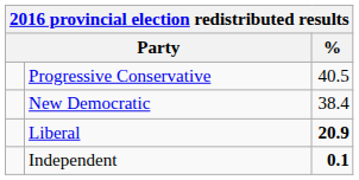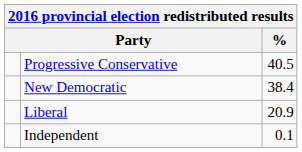 <table class="wikitable">
 <tr>
 <th colspan="4"><a href='#'>2016 provincial election</a> redistributed results</th>
 </tr>
 <tr>
 <th bgcolor="#DDDDFF" width="130px" colspan="2">Party</th>
 <th bgcolor="#DDDDFF" width="30px">%</th>
 </tr>
 <tr>
 <td> </td>
 <td><a href='#'>Progressive Conservative</a></td>
 <td align=right>40.5</td>
 </tr>
 <tr>
 <td> </td>
 <td><a href='#'>New Democratic</a></td>
 <td align=right>38.4</td>
 </tr>
 <tr>
 <td> </td>
 <td><a href='#'>Liberal</a></td>
-<td align=right><strong>20.9</strong></td>
+<td align=right>20.9</td>
 </tr>
 <tr>
 <td> </td>
 <td>Independent</td>
-<td align=right><strong>0.1</strong></td>
+<td align=right>0.1</td>
 </tr>
 </table>
